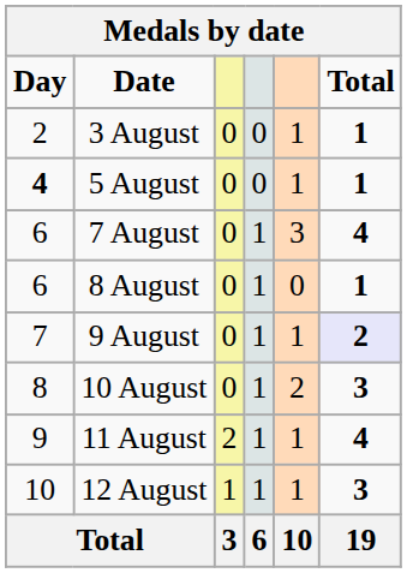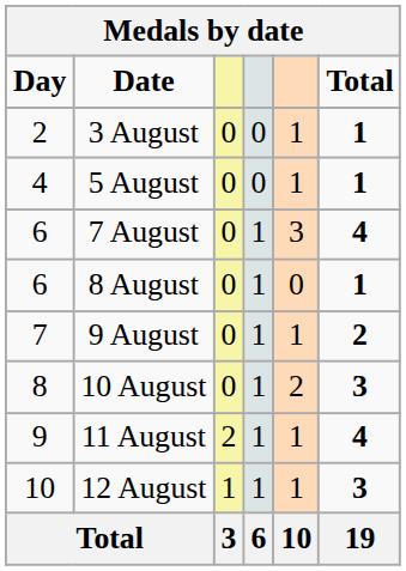 <table class="wikitable" style="font-size:85%; text-align:center;">
 <tr style="background:#efefef;">
 <th colspan=6><strong>Medals by date</strong></th>
 </tr>
 <tr>
 <td><strong>Day</strong></td>
 <td><strong>Date</strong></td>
 <td style="background:#F7F6A8;"></td>
 <td style="background:#DCE5E5;"></td>
 <td style="background:#FFDAB9;"></td>
 <td><strong>Total</strong></td>
 </tr>
 <tr>
 <td>2</td>
 <td>3 August</td>
 <td style="background:#F7F6A8;">0</td>
 <td style="background:#DCE5E5;">0</td>
 <td style="background:#FFDAB9;">1</td>
 <td><strong>1</strong></td>
 </tr>
 <tr>
-<td><strong>4</strong></td>
+<td>4</td>
 <td>5 August</td>
 <td style="background:#F7F6A8;">0</td>
 <td style="background:#DCE5E5;">0</td>
 <td style="background:#FFDAB9;">1</td>
 <td><strong>1</strong></td>
 </tr>
 <tr>
 <td>6</td>
 <td>7 August</td>
 <td style="background:#F7F6A8;">0</td>
 <td style="background:#DCE5E5;">1</td>
 <td style="background:#FFDAB9;">3</td>
 <td><strong>4</strong></td>
 </tr>
 <tr>
 <td>6</td>
 <td>8 August</td>
 <td style="background:#F7F6A8;">0</td>
 <td style="background:#DCE5E5;">1</td>
 <td style="background:#FFDAB9;">0</td>
 <td><strong>1</strong></td>
 </tr>
 <tr>
 <td>7</td>
 <td>9 August</td>
 <td style="background:#F7F6A8;">0</td>
 <td style="background:#DCE5E5;">1</td>
 <td style="background:#FFDAB9;">1</td>
-<td style="background: lavender;"><strong>2</strong></td>
+<td><strong>2</strong></td>
 </tr>
 <tr>
 <td>8</td>
 <td>10 August</td>
 <td style="background:#F7F6A8;">0</td>
 <td style="background:#DCE5E5;">1</td>
 <td style="background:#FFDAB9;">2</td>
 <td><strong>3</strong></td>
 </tr>
 <tr>
 <td>9</td>
 <td>11 August</td>
 <td style="background:#F7F6A8;">2</td>
 <td style="background:#DCE5E5;">1</td>
 <td style="background:#FFDAB9;">1</td>
 <td><strong>4</strong></td>
 </tr>
 <tr>
 <td>10</td>
 <td>12 August</td>
 <td style="background:#F7F6A8;">1</td>
 <td style="background:#DCE5E5;">1</td>
 <td style="background:#FFDAB9;">1</td>
 <td><strong>3</strong></td>
 </tr>
 <tr>
 <th colspan="2">Total</th>
 <th>3</th>
 <th>6</th>
 <th>10</th>
 <th>19</th>
 </tr>
 </table>
